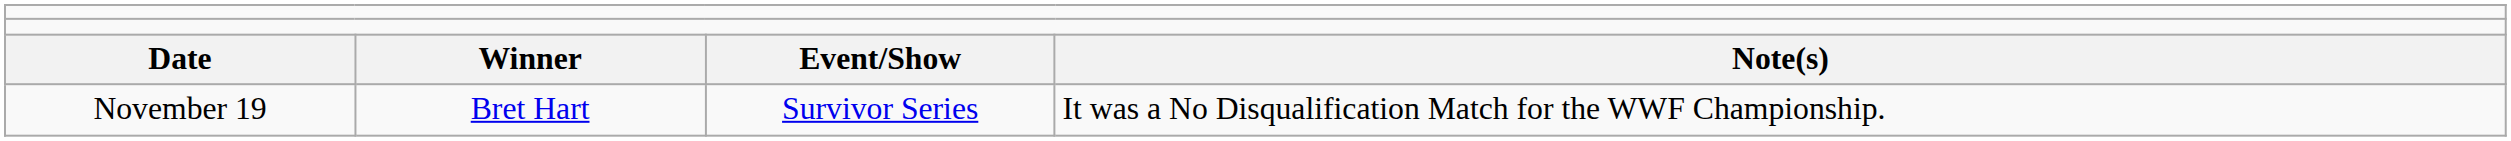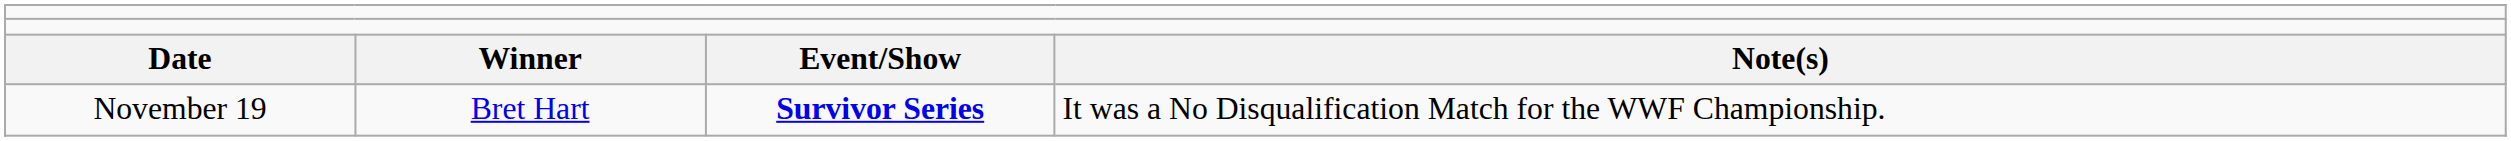 <table class="wikitable" style="text-align:center; width:100%;">
 <tr>
 <td colspan="5"></td>
 </tr>
 <tr>
 <td colspan="5"><strong></strong></td>
 </tr>
 <tr>
 <th width="14%">Date</th>
 <th width="14%">Winner</th>
 <th width="14%">Event/Show</th>
 <th width="58%">Note(s)</th>
 </tr>
 <tr>
 <td>November 19</td>
 <td><a href='#'>Bret Hart</a></td>
-<td><a href='#'>Survivor Series</a></td>
+<td><strong><a href='#'>Survivor Series</a></strong></td>
 <td align="left">It was a No Disqualification Match for the WWF Championship.</td>
 </tr>
 </table>
